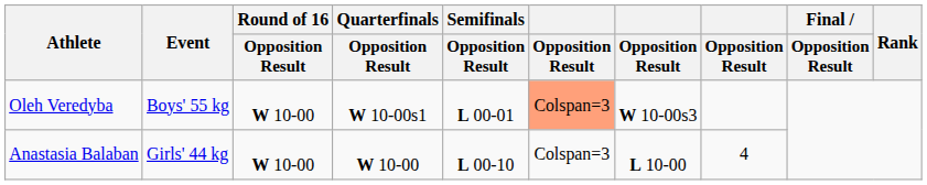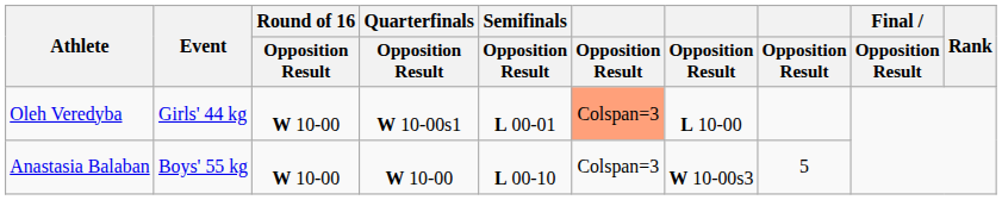 <table class="wikitable" style="font-size:90%">
 <tr>
 <th rowspan="2">Athlete</th>
 <th rowspan="2">Event</th>
 <th>Round of 16</th>
 <th>Quarterfinals</th>
 <th>Semifinals</th>
 <th></th>
 <th></th>
 <th></th>
 <th>Final / </th>
 <th rowspan=2>Rank</th>
 </tr>
 <tr style="font-size:95%">
 <th>Opposition<br>Result</th>
 <th>Opposition<br>Result</th>
 <th>Opposition<br>Result</th>
 <th>Opposition<br>Result</th>
 <th>Opposition<br>Result</th>
 <th>Opposition<br>Result</th>
 <th>Opposition<br>Result</th>
 </tr>
 <tr align=center>
 <td align=left><a href='#'>Oleh Veredyba</a></td>
-<td align=left><a href='#'>Boys' 55 kg</a></td>
+<td align=left><a href='#'>Girls' 44 kg</a></td>
 <td><br> <strong>W</strong> 10-00</td>
 <td><br> <strong>W</strong> 10-00s1</td>
 <td><br> <strong>L</strong> 00-01</td>
 <td style="background: lightsalmon;">Colspan=3 </td>
-<td><br> <strong>W</strong> 10-00s3</td>
+<td><br> <strong>L</strong> 10-00</td>
 <td></td>
 </tr>
 <tr align=center>
 <td align=left><a href='#'>Anastasia Balaban</a></td>
-<td align=left><a href='#'>Girls' 44 kg</a></td>
+<td align=left><a href='#'>Boys' 55 kg</a></td>
 <td><br> <strong>W</strong> 10-00</td>
 <td><br> <strong>W</strong> 10-00</td>
 <td><br> <strong>L</strong> 00-10</td>
 <td>Colspan=3 </td>
-<td><br> <strong>L</strong> 10-00</td>
-<td>4</td>
+<td><br> <strong>W</strong> 10-00s3</td>
+<td>5</td>
 </tr>
 </table>
